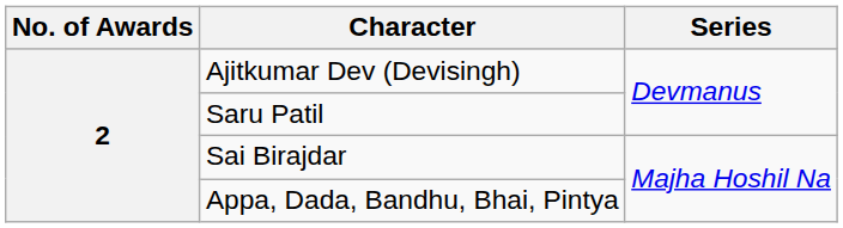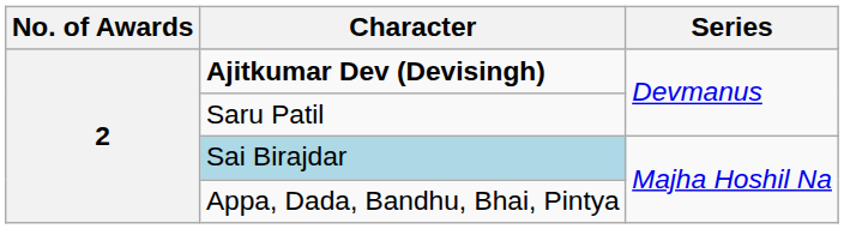 <table class="wikitable" style="display:inline-table;">
 <tr>
 <th>No. of Awards</th>
 <th>Character</th>
 <th>Series</th>
 </tr>
 <tr>
 <th rowspan="4">2</th>
-<td>Ajitkumar Dev (Devisingh)</td>
+<td><strong>Ajitkumar Dev (Devisingh)</strong></td>
 <td rowspan="2"><em><a href='#'>Devmanus</a></em></td>
 </tr>
 <tr>
 <td>Saru Patil</td>
 </tr>
 <tr>
-<td>Sai Birajdar</td>
+<td style="background: lightblue;">Sai Birajdar</td>
 <td rowspan="2"><em><a href='#'>Majha Hoshil Na</a></em></td>
 </tr>
 <tr>
 <td>Appa, Dada, Bandhu, Bhai, Pintya</td>
 </tr>
 </table>
